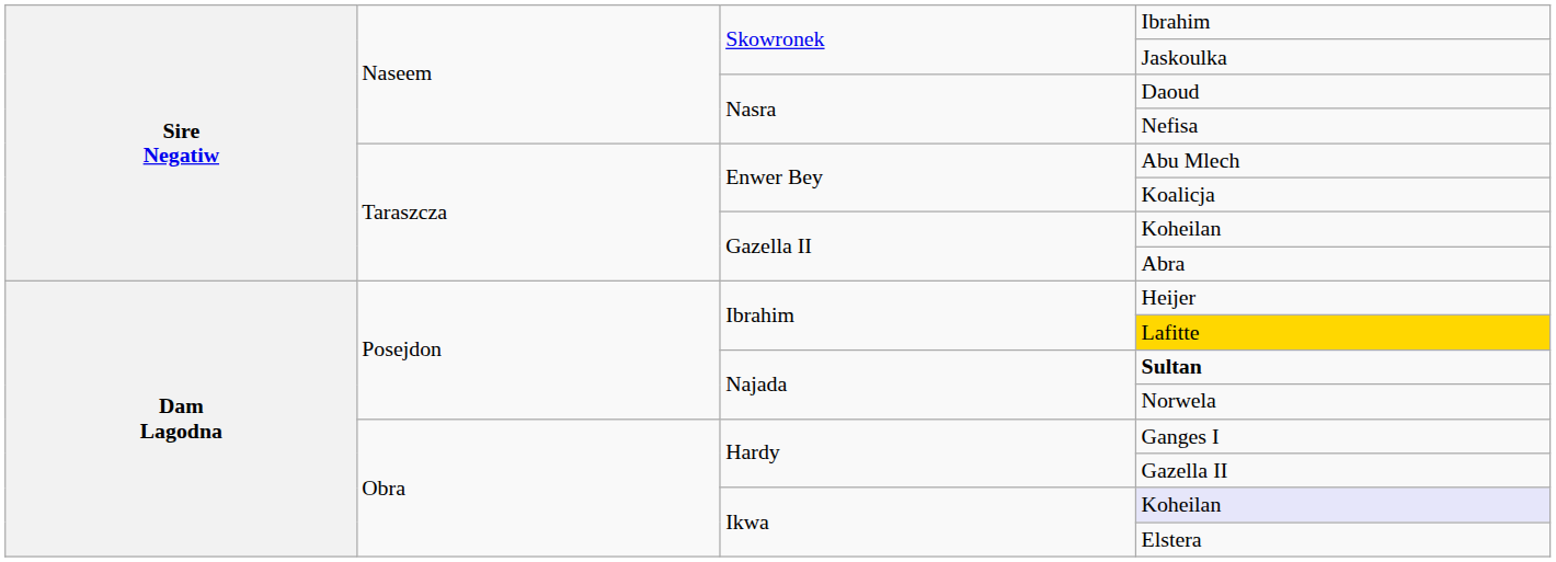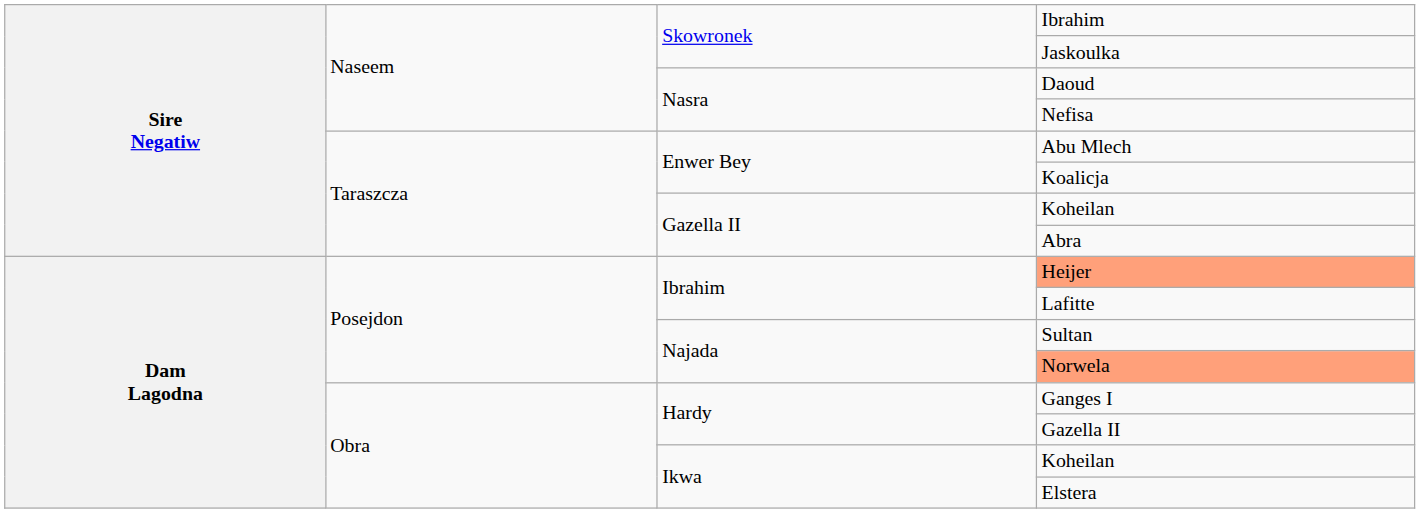 <table class="wikitable" style="clear:both; margin:0em auto; width:90%;">
 <tr>
 <th rowspan="8">Sire<br><a href='#'>Negatiw</a></th>
 <td rowspan="4">Naseem</td>
 <td rowspan="2"><a href='#'>Skowronek</a></td>
 <td>Ibrahim</td>
 </tr>
 <tr>
 <td>Jaskoulka</td>
 </tr>
 <tr>
 <td rowspan="2">Nasra</td>
 <td>Daoud</td>
 </tr>
 <tr>
 <td>Nefisa</td>
 </tr>
 <tr>
 <td rowspan="4">Taraszcza</td>
 <td rowspan="2">Enwer Bey</td>
 <td>Abu Mlech</td>
 </tr>
 <tr>
 <td>Koalicja</td>
 </tr>
 <tr>
 <td rowspan="2">Gazella II</td>
 <td>Koheilan</td>
 </tr>
 <tr>
 <td>Abra</td>
 </tr>
 <tr>
 <th rowspan="8">Dam<br>Lagodna</th>
 <td rowspan="4">Posejdon</td>
 <td rowspan="2">Ibrahim</td>
-<td>Heijer</td>
+<td style="background: lightsalmon;">Heijer</td>
 </tr>
 <tr>
-<td style="background: gold;">Lafitte</td>
+<td>Lafitte</td>
 </tr>
 <tr>
 <td rowspan="2">Najada</td>
-<td><strong>Sultan</strong></td>
+<td>Sultan</td>
 </tr>
 <tr>
-<td>Norwela</td>
+<td style="background: lightsalmon;">Norwela</td>
 </tr>
 <tr>
 <td rowspan="4">Obra</td>
 <td rowspan="2">Hardy</td>
 <td>Ganges I</td>
 </tr>
 <tr>
 <td>Gazella II</td>
 </tr>
 <tr>
 <td rowspan="2">Ikwa</td>
-<td style="background: lavender;">Koheilan</td>
+<td>Koheilan</td>
 </tr>
 <tr>
 <td>Elstera</td>
 </tr>
 </table>
